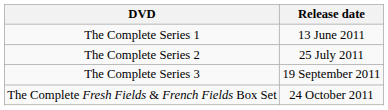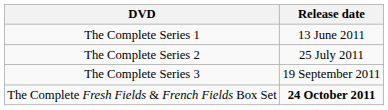 <table class="wikitable" style="text-align:center">
 <tr>
 <th>DVD</th>
 <th>Release date</th>
 </tr>
 <tr>
 <td>The Complete Series 1</td>
 <td>13 June 2011</td>
 </tr>
 <tr>
 <td>The Complete Series 2</td>
 <td>25 July 2011</td>
 </tr>
 <tr>
 <td>The Complete Series 3</td>
 <td>19 September 2011</td>
 </tr>
 <tr>
 <td>The Complete <em>Fresh Fields</em> & <em>French Fields</em> Box Set</td>
-<td>24 October 2011</td>
+<td><strong>24 October 2011</strong></td>
 </tr>
 </table>
